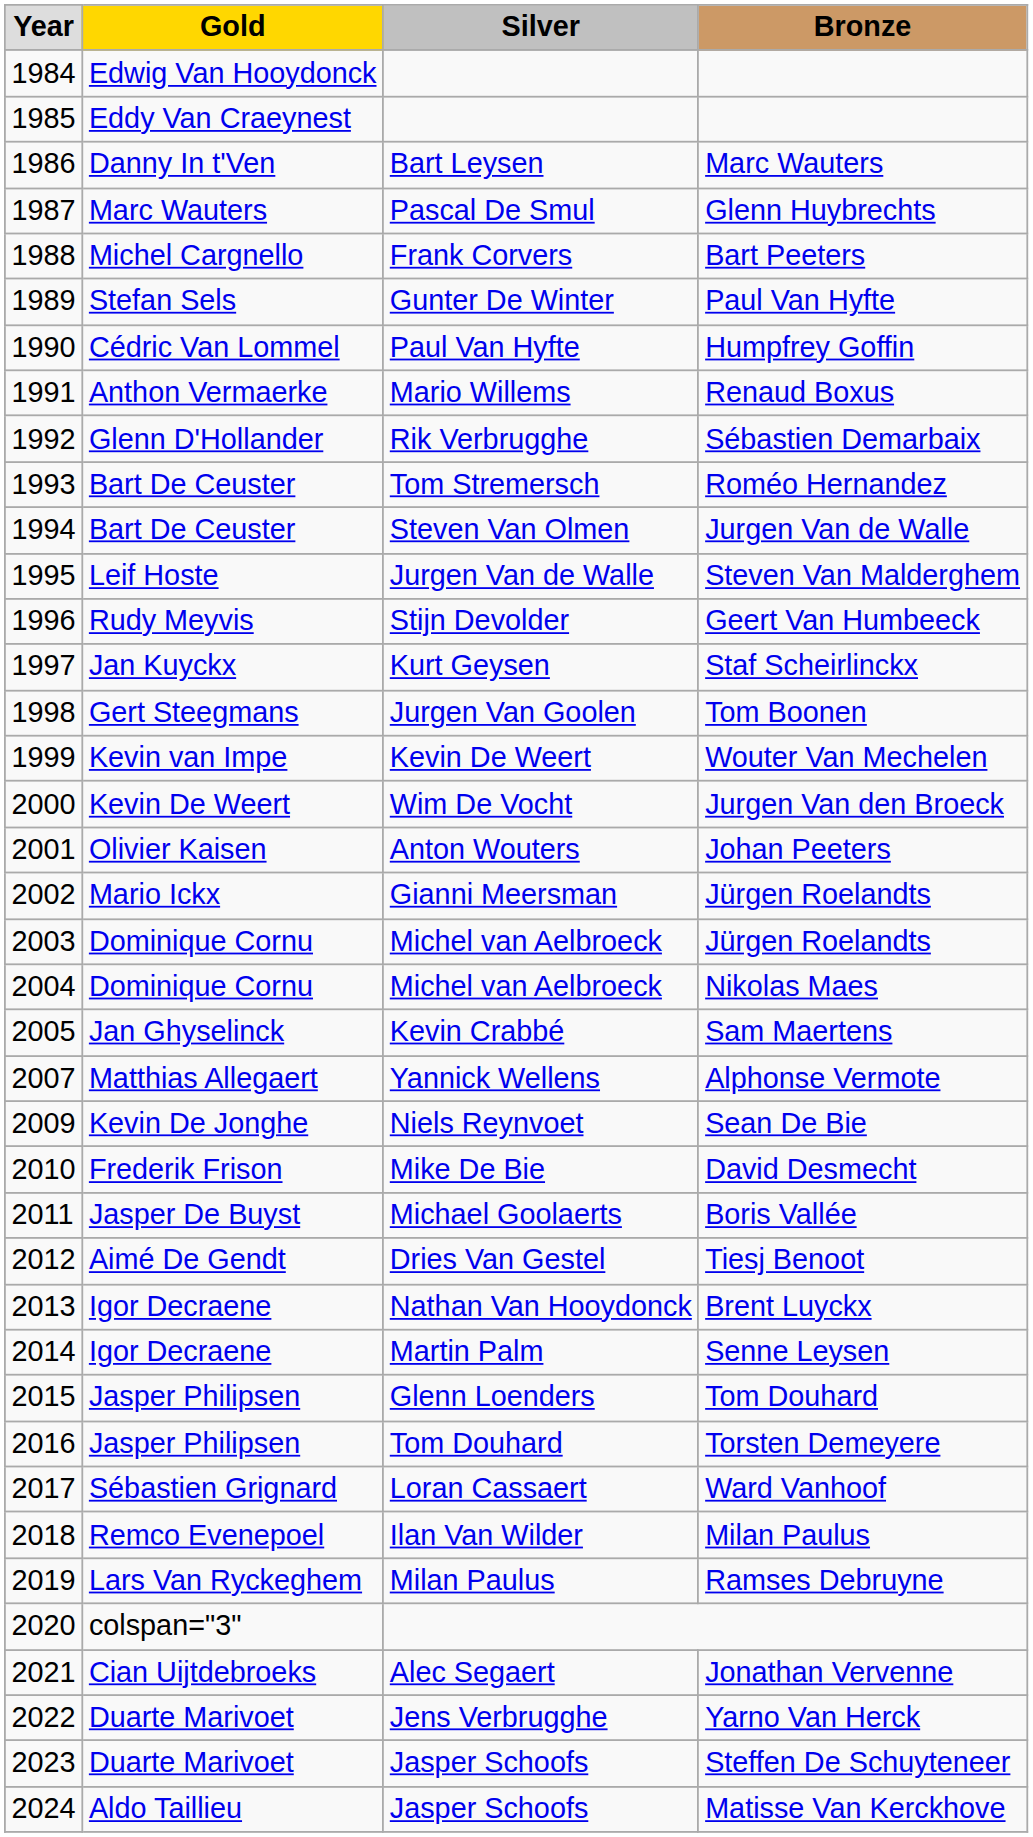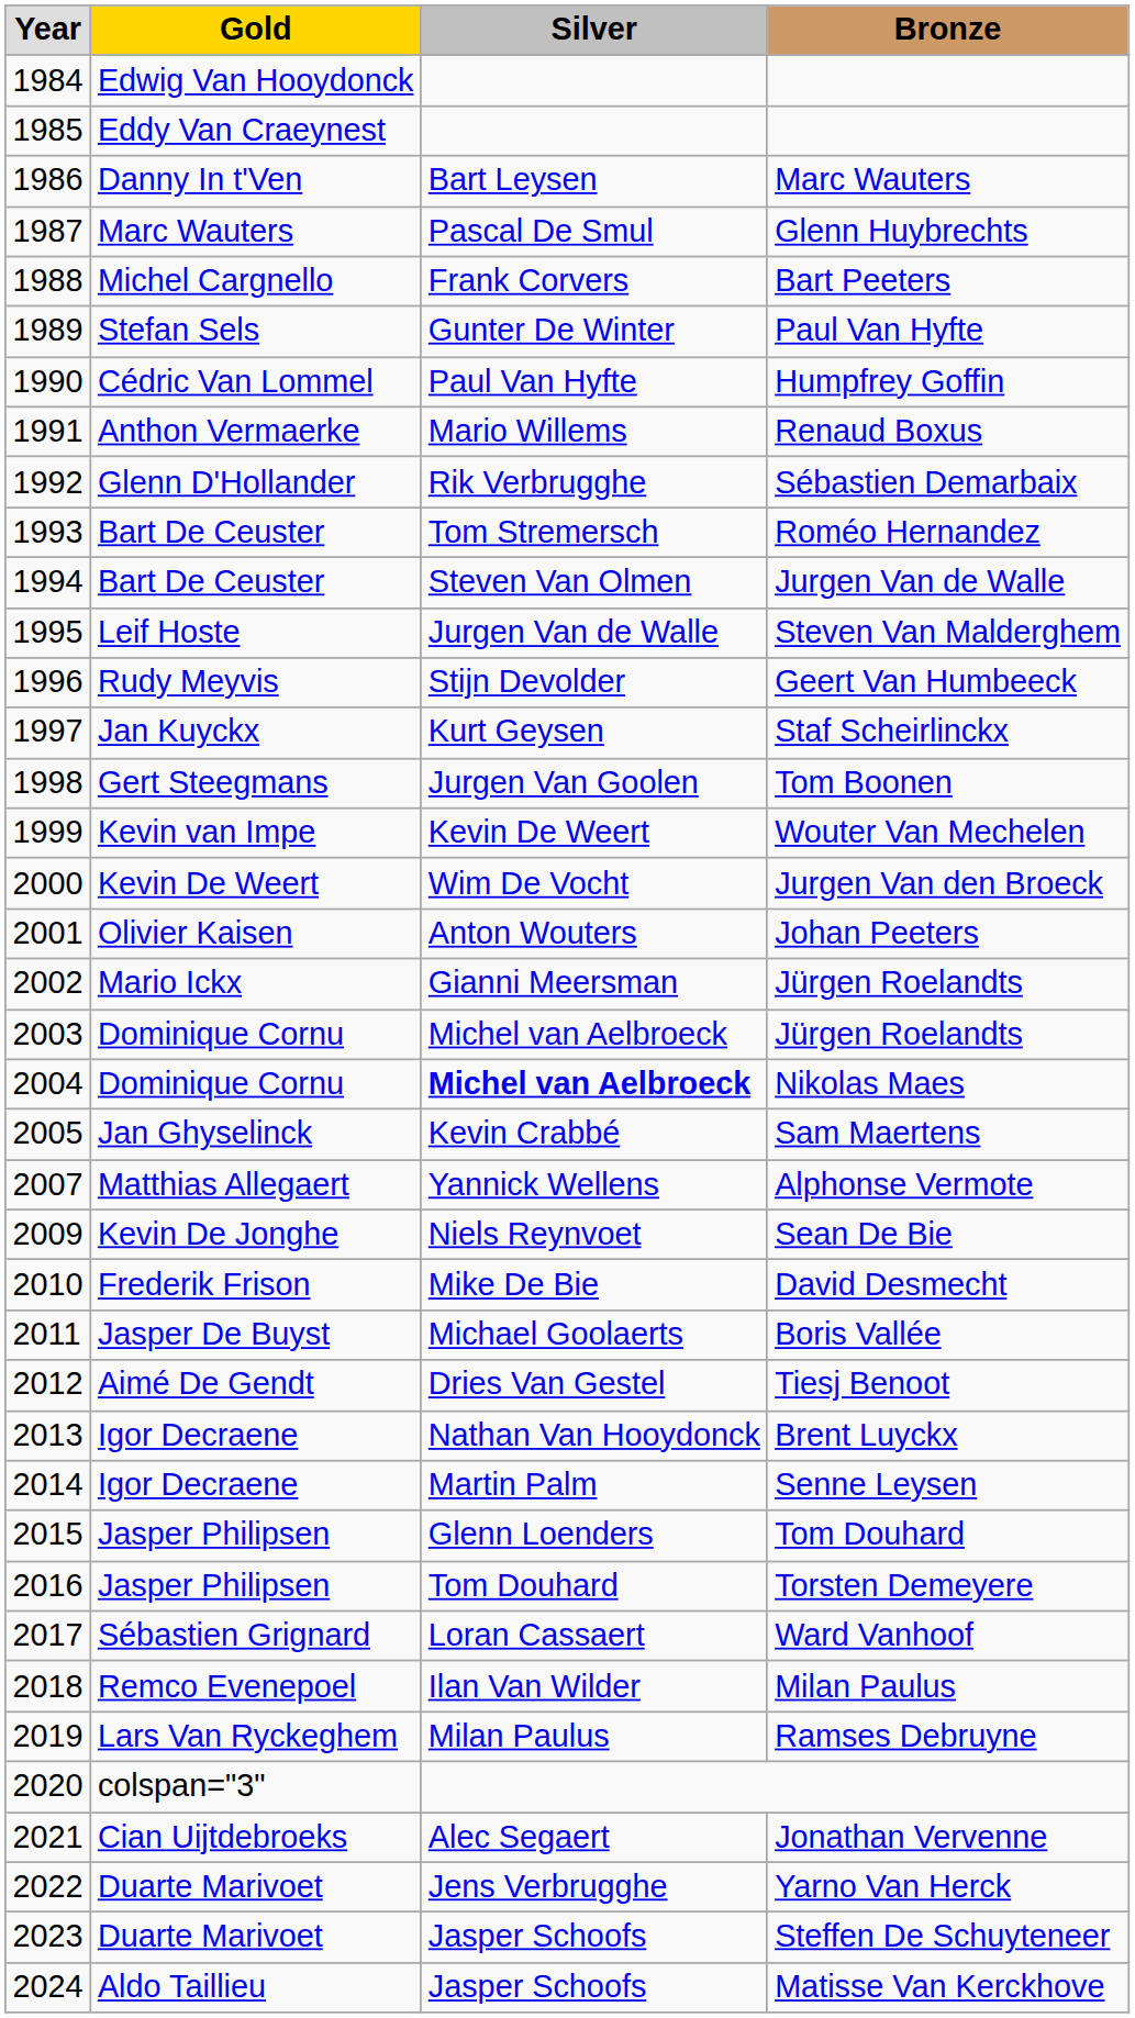 <table class="wikitable" style="text-align:left;">
 <tr>
 <td style="background:#DDDDDD; font-weight:bold; text-align:center;">Year</td>
 <td style="background:gold; font-weight:bold; text-align:center;">Gold</td>
 <td style="background:silver; font-weight:bold; text-align:center;">Silver</td>
 <td style="background:#cc9966; font-weight:bold; text-align:center;">Bronze</td>
 </tr>
 <tr>
 <td>1984</td>
 <td><a href='#'>Edwig Van Hooydonck</a></td>
 <td></td>
 <td></td>
 </tr>
 <tr>
 <td>1985</td>
 <td><a href='#'>Eddy Van Craeynest</a></td>
 <td></td>
 <td></td>
 </tr>
 <tr>
 <td>1986</td>
 <td><a href='#'>Danny In t'Ven</a></td>
 <td><a href='#'>Bart Leysen</a></td>
 <td><a href='#'>Marc Wauters</a></td>
 </tr>
 <tr>
 <td>1987</td>
 <td><a href='#'>Marc Wauters</a></td>
 <td><a href='#'>Pascal De Smul</a></td>
 <td><a href='#'>Glenn Huybrechts</a></td>
 </tr>
 <tr>
 <td>1988</td>
 <td><a href='#'>Michel Cargnello</a></td>
 <td><a href='#'>Frank Corvers</a></td>
 <td><a href='#'>Bart Peeters</a></td>
 </tr>
 <tr>
 <td>1989</td>
 <td><a href='#'>Stefan Sels</a></td>
 <td><a href='#'>Gunter De Winter</a></td>
 <td><a href='#'>Paul Van Hyfte</a></td>
 </tr>
 <tr>
 <td>1990</td>
 <td><a href='#'>Cédric Van Lommel</a></td>
 <td><a href='#'>Paul Van Hyfte</a></td>
 <td><a href='#'>Humpfrey Goffin</a></td>
 </tr>
 <tr>
 <td>1991</td>
 <td><a href='#'>Anthon Vermaerke</a></td>
 <td><a href='#'>Mario Willems</a></td>
 <td><a href='#'>Renaud Boxus</a></td>
 </tr>
 <tr>
 <td>1992</td>
 <td><a href='#'>Glenn D'Hollander</a></td>
 <td><a href='#'>Rik Verbrugghe</a></td>
 <td><a href='#'>Sébastien Demarbaix</a></td>
 </tr>
 <tr>
 <td>1993</td>
 <td><a href='#'>Bart De Ceuster</a></td>
 <td><a href='#'>Tom Stremersch</a></td>
 <td><a href='#'>Roméo Hernandez</a></td>
 </tr>
 <tr>
 <td>1994</td>
 <td><a href='#'>Bart De Ceuster</a></td>
 <td><a href='#'>Steven Van Olmen</a></td>
 <td><a href='#'>Jurgen Van de Walle</a></td>
 </tr>
 <tr>
 <td>1995</td>
 <td><a href='#'>Leif Hoste</a></td>
 <td><a href='#'>Jurgen Van de Walle</a></td>
 <td><a href='#'>Steven Van Malderghem</a></td>
 </tr>
 <tr>
 <td>1996</td>
 <td><a href='#'>Rudy Meyvis</a></td>
 <td><a href='#'>Stijn Devolder</a></td>
 <td><a href='#'>Geert Van Humbeeck</a></td>
 </tr>
 <tr>
 <td>1997</td>
 <td><a href='#'>Jan Kuyckx</a></td>
 <td><a href='#'>Kurt Geysen</a></td>
 <td><a href='#'>Staf Scheirlinckx</a></td>
 </tr>
 <tr>
 <td>1998</td>
 <td><a href='#'>Gert Steegmans</a></td>
 <td><a href='#'>Jurgen Van Goolen</a></td>
 <td><a href='#'>Tom Boonen</a></td>
 </tr>
 <tr>
 <td>1999</td>
 <td><a href='#'>Kevin van Impe</a></td>
 <td><a href='#'>Kevin De Weert</a></td>
 <td><a href='#'>Wouter Van Mechelen</a></td>
 </tr>
 <tr>
 <td>2000</td>
 <td><a href='#'>Kevin De Weert</a></td>
 <td><a href='#'>Wim De Vocht</a></td>
 <td><a href='#'>Jurgen Van den Broeck</a></td>
 </tr>
 <tr>
 <td>2001</td>
 <td><a href='#'>Olivier Kaisen</a></td>
 <td><a href='#'>Anton Wouters</a></td>
 <td><a href='#'>Johan Peeters</a></td>
 </tr>
 <tr>
 <td>2002</td>
 <td><a href='#'>Mario Ickx</a></td>
 <td><a href='#'>Gianni Meersman</a></td>
 <td><a href='#'>Jürgen Roelandts</a></td>
 </tr>
 <tr>
 <td>2003</td>
 <td><a href='#'>Dominique Cornu</a></td>
 <td><a href='#'>Michel van Aelbroeck</a></td>
 <td><a href='#'>Jürgen Roelandts</a></td>
 </tr>
 <tr>
 <td>2004</td>
 <td><a href='#'>Dominique Cornu</a></td>
-<td><a href='#'>Michel van Aelbroeck</a></td>
+<td><strong><a href='#'>Michel van Aelbroeck</a></strong></td>
 <td><a href='#'>Nikolas Maes</a></td>
 </tr>
 <tr>
 <td>2005</td>
 <td><a href='#'>Jan Ghyselinck</a></td>
 <td><a href='#'>Kevin Crabbé</a></td>
 <td><a href='#'>Sam Maertens</a></td>
 </tr>
 <tr>
 <td>2007</td>
 <td><a href='#'>Matthias Allegaert</a></td>
 <td><a href='#'>Yannick Wellens</a></td>
 <td><a href='#'>Alphonse Vermote</a></td>
 </tr>
 <tr>
 <td>2009</td>
 <td><a href='#'>Kevin De Jonghe</a></td>
 <td><a href='#'>Niels Reynvoet</a></td>
 <td><a href='#'>Sean De Bie</a></td>
 </tr>
 <tr>
 <td>2010</td>
 <td><a href='#'>Frederik Frison</a></td>
 <td><a href='#'>Mike De Bie</a></td>
 <td><a href='#'>David Desmecht</a></td>
 </tr>
 <tr>
 <td>2011</td>
 <td><a href='#'>Jasper De Buyst</a></td>
 <td><a href='#'>Michael Goolaerts</a></td>
 <td><a href='#'>Boris Vallée</a></td>
 </tr>
 <tr>
 <td>2012</td>
 <td><a href='#'>Aimé De Gendt</a></td>
 <td><a href='#'>Dries Van Gestel</a></td>
 <td><a href='#'>Tiesj Benoot</a></td>
 </tr>
 <tr>
 <td>2013</td>
 <td><a href='#'>Igor Decraene</a></td>
 <td><a href='#'>Nathan Van Hooydonck</a></td>
 <td><a href='#'>Brent Luyckx</a></td>
 </tr>
 <tr>
 <td>2014</td>
 <td><a href='#'>Igor Decraene</a></td>
 <td><a href='#'>Martin Palm</a></td>
 <td><a href='#'>Senne Leysen</a></td>
 </tr>
 <tr>
 <td>2015</td>
 <td><a href='#'>Jasper Philipsen</a></td>
 <td><a href='#'>Glenn Loenders</a></td>
 <td><a href='#'>Tom Douhard</a></td>
 </tr>
 <tr>
 <td>2016</td>
 <td><a href='#'>Jasper Philipsen</a></td>
 <td><a href='#'>Tom Douhard</a></td>
 <td><a href='#'>Torsten Demeyere</a></td>
 </tr>
 <tr>
 <td>2017</td>
 <td><a href='#'>Sébastien Grignard</a></td>
 <td><a href='#'>Loran Cassaert</a></td>
 <td><a href='#'>Ward Vanhoof</a></td>
 </tr>
 <tr>
 <td>2018</td>
 <td><a href='#'>Remco Evenepoel</a></td>
 <td><a href='#'>Ilan Van Wilder</a></td>
 <td><a href='#'>Milan Paulus</a></td>
 </tr>
 <tr>
 <td>2019</td>
 <td><a href='#'>Lars Van Ryckeghem</a></td>
 <td><a href='#'>Milan Paulus</a></td>
 <td><a href='#'>Ramses Debruyne</a></td>
 </tr>
 <tr>
 <td>2020</td>
 <td>colspan="3" </td>
 </tr>
 <tr>
 <td>2021</td>
 <td><a href='#'>Cian Uijtdebroeks</a></td>
 <td><a href='#'>Alec Segaert</a></td>
 <td><a href='#'>Jonathan Vervenne</a></td>
 </tr>
 <tr>
 <td>2022</td>
 <td><a href='#'>Duarte Marivoet</a></td>
 <td><a href='#'>Jens Verbrugghe</a></td>
 <td><a href='#'>Yarno Van Herck</a></td>
 </tr>
 <tr>
 <td>2023</td>
 <td><a href='#'>Duarte Marivoet</a></td>
 <td><a href='#'>Jasper Schoofs</a></td>
 <td><a href='#'>Steffen De Schuyteneer</a></td>
 </tr>
 <tr>
 <td>2024</td>
 <td><a href='#'>Aldo Taillieu</a></td>
 <td><a href='#'>Jasper Schoofs</a></td>
 <td><a href='#'>Matisse Van Kerckhove</a></td>
 </tr>
 </table>
